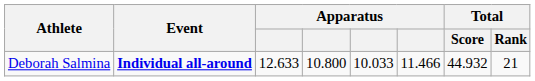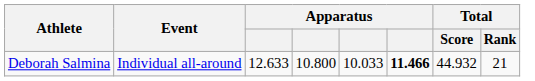 <table class=wikitable style=font-size:90%;text-align:center>
 <tr>
 <th rowspan=2>Athlete</th>
 <th rowspan=2>Event</th>
 <th colspan=4>Apparatus</th>
 <th colspan=2>Total</th>
 </tr>
 <tr style="font-size:95%">
 <th></th>
 <th></th>
 <th></th>
 <th></th>
 <th>Score</th>
 <th>Rank</th>
 </tr>
 <tr>
 <td align=left><a href='#'>Deborah Salmina</a></td>
-<td align=left><strong><a href='#'>Individual all-around</a></strong></td>
+<td align=left><a href='#'>Individual all-around</a></td>
 <td>12.633</td>
 <td>10.800</td>
 <td>10.033</td>
-<td>11.466</td>
+<td><strong>11.466</strong></td>
 <td>44.932</td>
 <td>21</td>
 </tr>
 </table>
